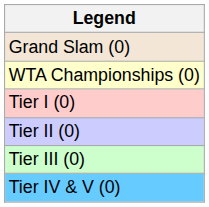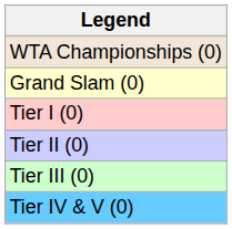 <table class="wikitable sortable mw-collapsible mw-collapsed">
 <tr>
 <th>Legend</th>
 </tr>
 <tr style="background:#f3e6d7;">
-<td>Grand Slam (0)</td>
+<td>WTA Championships (0)</td>
 </tr>
 <tr style="background:#ffc;">
-<td>WTA Championships (0)</td>
+<td>Grand Slam (0)</td>
 </tr>
 <tr style="background:#fcc;">
 <td>Tier I (0)</td>
 </tr>
 <tr style="background:#ccf;">
 <td>Tier II (0)</td>
 </tr>
 <tr style="background:#cfc;">
 <td>Tier III (0)</td>
 </tr>
 <tr style="background:#6cf;">
 <td>Tier IV & V (0)</td>
 </tr>
 </table>
